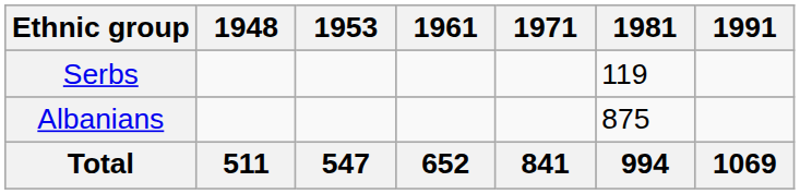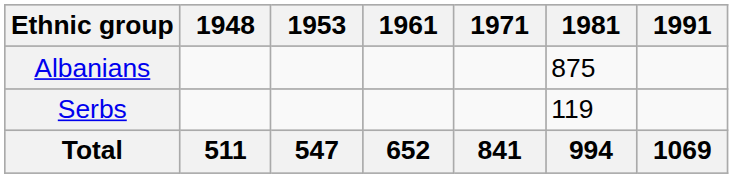 <table class="wikitable" border="1">
 <tr>
 <th>Ethnic group</th>
 <th style=width:3em>1948</th>
 <th style=width:3em>1953</th>
 <th style=width:3em>1961</th>
 <th style=width:3em>1971</th>
 <th style=width:3em>1981</th>
 <th style=width:3em>1991</th>
 </tr>
 <tr>
+<th style=font-weight:300><a href='#'>Albanians</a></th>
+<td></td>
+<td></td>
+<td></td>
+<td></td>
+<td>875</td>
+<td></td>
+</tr>
+<tr>
 <th style=font-weight:300><a href='#'>Serbs</a></th>
 <td></td>
 <td></td>
 <td></td>
 <td></td>
 <td>119</td>
-<td></td>
-</tr>
-<tr>
-<th style=font-weight:300><a href='#'>Albanians</a></th>
-<td></td>
-<td></td>
-<td></td>
-<td></td>
-<td>875</td>
 <td></td>
 </tr>
 <tr>
 <th>Total</th>
 <th>511</th>
 <th>547</th>
 <th>652</th>
 <th>841</th>
 <th>994 </th>
 <th>1069</th>
 </tr>
 </table>
